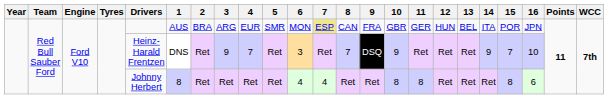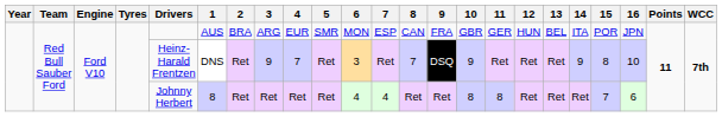 <table class="wikitable" style="text-align:center; font-size:95%">
 <tr>
 <th>Year</th>
 <th>Team</th>
 <th>Engine</th>
 <th>Tyres</th>
 <th>Drivers</th>
 <th>1</th>
 <th>2</th>
 <th>3</th>
 <th>4</th>
 <th>5</th>
 <th>6</th>
 <th>7</th>
 <th>8</th>
 <th>9</th>
 <th>10</th>
 <th>11</th>
 <th>12</th>
 <th>13</th>
 <th>14</th>
 <th>15</th>
 <th>16</th>
 <th>Points</th>
 <th>WCC</th>
 </tr>
 <tr>
 <td rowspan="3"></td>
 <td rowspan="3"><a href='#'>Red Bull</a> <a href='#'>Sauber</a> <a href='#'>Ford</a></td>
 <td rowspan="3"><a href='#'>Ford</a> <a href='#'>V10</a></td>
 <td rowspan="3"></td>
 <td></td>
 <td><a href='#'>AUS</a></td>
 <td><a href='#'>BRA</a></td>
 <td><a href='#'>ARG</a></td>
 <td><a href='#'>EUR</a></td>
 <td><a href='#'>SMR</a></td>
 <td><a href='#'>MON</a></td>
-<td style="background: khaki;"><a href='#'>ESP</a></td>
+<td><a href='#'>ESP</a></td>
 <td><a href='#'>CAN</a></td>
 <td><a href='#'>FRA</a></td>
 <td><a href='#'>GBR</a></td>
 <td><a href='#'>GER</a></td>
 <td><a href='#'>HUN</a></td>
 <td><a href='#'>BEL</a></td>
 <td><a href='#'>ITA</a></td>
 <td><a href='#'>POR</a></td>
 <td><a href='#'>JPN</a></td>
 <td rowspan="3"><strong>11</strong></td>
 <td rowspan="3"><strong>7th</strong></td>
 </tr>
 <tr>
 <td> <a href='#'>Heinz-Harald Frentzen</a></td>
 <td style="background:#FFFFFF;">DNS</td>
 <td style="background:#EFCFFF;">Ret</td>
 <td style="background:#CFCFFF;">9</td>
 <td style="background:#CFCFFF;">7</td>
 <td style="background:#EFCFFF;">Ret</td>
 <td style="background:#FFDF9F;">3</td>
 <td style="background:#EFCFFF;">Ret</td>
 <td style="background:#CFCFFF;">7</td>
 <td style="background:#000000; color:white">DSQ</td>
 <td style="background:#CFCFFF;">9</td>
 <td style="background:#EFCFFF;">Ret</td>
 <td style="background:#EFCFFF;">Ret</td>
 <td style="background:#EFCFFF;">Ret</td>
 <td style="background:#CFCFFF;">9</td>
-<td style="background:#CFCFFF;">7</td>
+<td style="background:#CFCFFF;">8</td>
 <td style="background:#CFCFFF;">10</td>
 </tr>
 <tr>
 <td> <a href='#'>Johnny Herbert</a></td>
 <td style="background:#CFCFFF;">8</td>
 <td style="background:#EFCFFF;">Ret</td>
 <td style="background:#EFCFFF;">Ret</td>
 <td style="background:#EFCFFF;">Ret</td>
 <td style="background:#EFCFFF;">Ret</td>
 <td style="background:#DFFFDF;">4</td>
 <td style="background:#DFFFDF;">4</td>
 <td style="background:#EFCFFF;">Ret</td>
 <td style="background:#EFCFFF;">Ret</td>
 <td style="background:#CFCFFF;">8</td>
 <td style="background:#CFCFFF;">8</td>
 <td style="background:#EFCFFF;">Ret</td>
 <td style="background:#EFCFFF;">Ret</td>
 <td style="background:#EFCFFF;">Ret</td>
-<td style="background:#CFCFFF;">8</td>
+<td style="background:#CFCFFF;">7</td>
 <td style="background:#DFFFDF;">6</td>
 </tr>
 </table>
